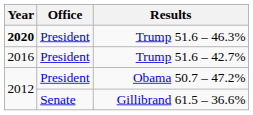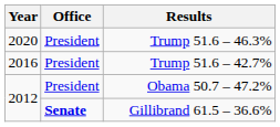 <table class=wikitable>
 <tr>
 <th width="30">Year</th>
 <th width="60">Office</th>
 <th width="180">Results</th>
 </tr>
 <tr>
-<td><strong>2020</strong></td>
+<td>2020</td>
 <td><a href='#'>President</a></td>
 <td align="right" ><a href='#'>Trump</a> 51.6 – 46.3%</td>
 </tr>
 <tr>
 <td>2016</td>
 <td><a href='#'>President</a></td>
 <td align="right" ><a href='#'>Trump</a> 51.6 – 42.7%</td>
 </tr>
 <tr>
 <td rowspan="2">2012</td>
 <td><a href='#'>President</a></td>
 <td align="right" ><a href='#'>Obama</a> 50.7 – 47.2%</td>
 </tr>
 <tr>
-<td><a href='#'>Senate</a></td>
+<td><strong><a href='#'>Senate</a></strong></td>
 <td align="right" ><a href='#'>Gillibrand</a> 61.5 – 36.6%</td>
 </tr>
 </table>
